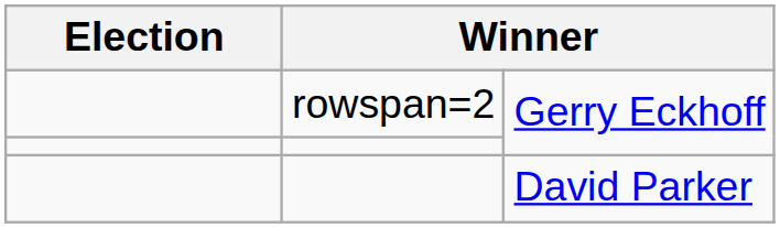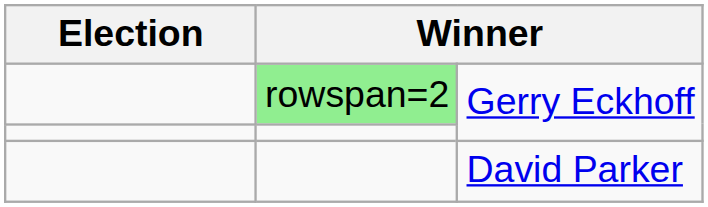 <table class=wikitable>
 <tr>
 <th width=100>Election</th>
 <th width=175 colspan=2>Winner</th>
 </tr>
 <tr>
 <td></td>
-<td>rowspan=2 </td>
+<td style="background: lightgreen;">rowspan=2 </td>
 <td rowspan=2><a href='#'>Gerry Eckhoff</a></td>
 </tr>
 <tr>
 <td></td>
 </tr>
 <tr>
 <td></td>
 <td></td>
 <td><a href='#'>David Parker</a></td>
 </tr>
 </table>
